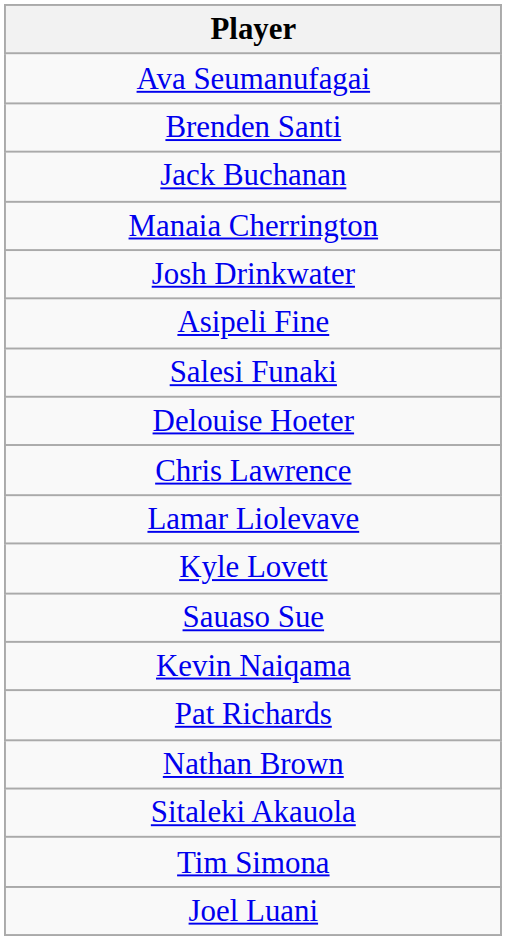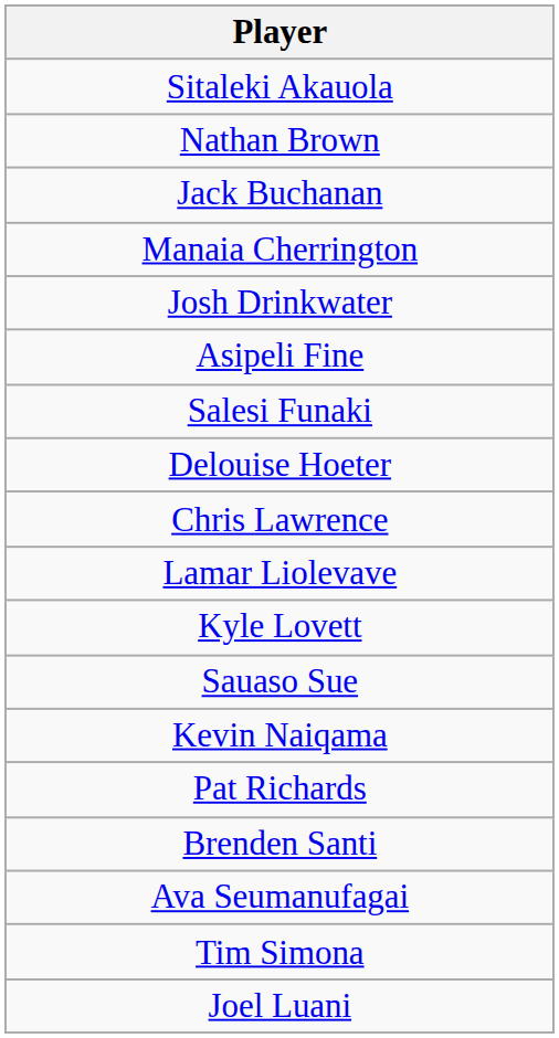 <table class="wikitable" style="text-align: center;">
 <tr>
 <th style="width:250px;">Player</th>
 </tr>
 <tr>
-<td><a href='#'>Ava Seumanufagai</a></td>
+<td><a href='#'>Sitaleki Akauola</a></td>
 </tr>
 <tr>
-<td><a href='#'>Brenden Santi</a></td>
+<td><a href='#'>Nathan Brown</a></td>
 </tr>
 <tr>
 <td><a href='#'>Jack Buchanan</a></td>
 </tr>
 <tr>
 <td><a href='#'>Manaia Cherrington</a></td>
 </tr>
 <tr>
 <td><a href='#'>Josh Drinkwater</a></td>
 </tr>
 <tr>
 <td><a href='#'>Asipeli Fine</a></td>
 </tr>
 <tr>
 <td><a href='#'>Salesi Funaki</a></td>
 </tr>
 <tr>
 <td><a href='#'>Delouise Hoeter</a></td>
 </tr>
 <tr>
 <td><a href='#'>Chris Lawrence</a></td>
 </tr>
 <tr>
 <td><a href='#'>Lamar Liolevave</a></td>
 </tr>
 <tr>
 <td><a href='#'>Kyle Lovett</a></td>
 </tr>
 <tr>
 <td><a href='#'>Sauaso Sue</a></td>
 </tr>
 <tr>
 <td><a href='#'>Kevin Naiqama</a></td>
 </tr>
 <tr>
 <td><a href='#'>Pat Richards</a></td>
 </tr>
 <tr>
-<td><a href='#'>Nathan Brown</a></td>
+<td><a href='#'>Brenden Santi</a></td>
 </tr>
 <tr>
-<td><a href='#'>Sitaleki Akauola</a></td>
+<td><a href='#'>Ava Seumanufagai</a></td>
 </tr>
 <tr>
 <td><a href='#'>Tim Simona</a></td>
 </tr>
 <tr>
 <td><a href='#'>Joel Luani</a></td>
 </tr>
 <tr>
 </tr>
 </table>
